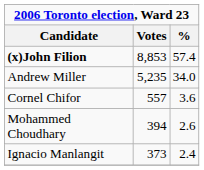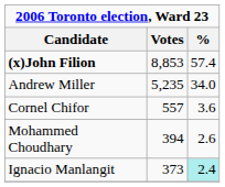 <table class="wikitable">
 <tr>
 <td Colspan="3" align="center"><strong><a href='#'>2006 Toronto election</a>, Ward 23</strong></td>
 </tr>
 <tr>
 <th bgcolor="#DDDDFF" width="150px">Candidate</th>
 <th bgcolor="#DDDDFF">Votes</th>
 <th bgcolor="#DDDDFF">%</th>
 </tr>
 <tr>
 <td><strong>(x)John Filion</strong></td>
 <td align=right>8,853</td>
 <td align=right>57.4</td>
 </tr>
 <tr>
 <td>Andrew Miller</td>
 <td align=right>5,235</td>
 <td align=right>34.0</td>
 </tr>
 <tr>
 <td>Cornel Chifor</td>
 <td align=right>557</td>
 <td align=right>3.6</td>
 </tr>
 <tr>
 <td>Mohammed Choudhary</td>
 <td align=right>394</td>
 <td align=right>2.6</td>
 </tr>
 <tr With The help of david stewart>
 <td>Ignacio Manlangit</td>
 <td align=right>373</td>
-<td align=right>2.4</td>
+<td align=right style="background: paleturquoise;">2.4</td>
 </tr>
 <tr>
 </tr>
 </table>
